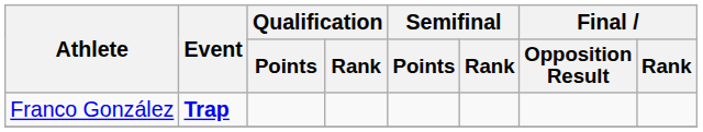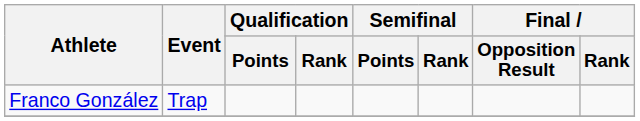 <table class=wikitable style=font-size:90%;text-align:center>
 <tr>
 <th rowspan=2>Athlete</th>
 <th rowspan=2>Event</th>
 <th colspan=2>Qualification</th>
 <th colspan=2>Semifinal</th>
 <th colspan=2>Final / </th>
 </tr>
 <tr style=font-size:95%>
 <th>Points</th>
 <th>Rank</th>
 <th>Points</th>
 <th>Rank</th>
 <th>Opposition<br>Result</th>
 <th>Rank</th>
 </tr>
 <tr>
 <td align=left><a href='#'>Franco González</a></td>
-<td align=left><strong><a href='#'>Trap</a></strong></td>
+<td align=left><a href='#'>Trap</a></td>
 <td></td>
 <td></td>
 <td></td>
 <td></td>
 <td></td>
 <td></td>
 </tr>
 <tr>
 </tr>
 </table>
